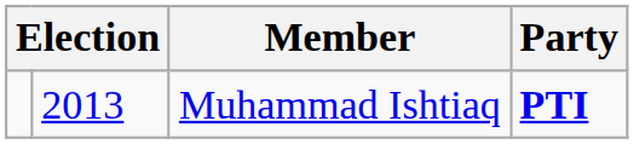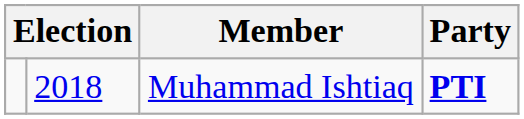 <table class="wikitable">
 <tr>
 <th colspan="2">Election</th>
 <th>Member</th>
 <th>Party</th>
 </tr>
 <tr>
 <td style="background-color: "></td>
-<td><a href='#'>2013</a></td>
+<td><a href='#'>2018</a></td>
 <td><a href='#'>Muhammad Ishtiaq</a></td>
 <td><strong><a href='#'>PTI</a></strong></td>
 </tr>
 </table>
